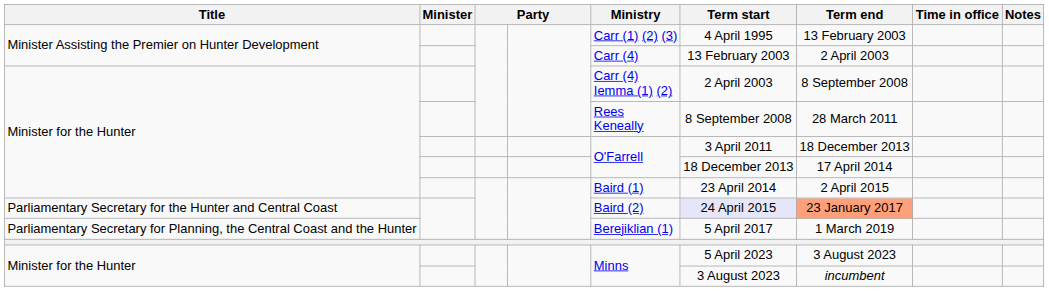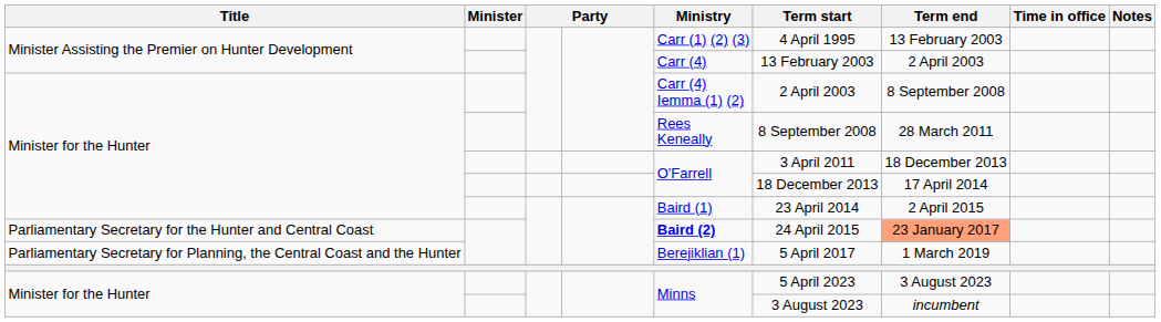 <table class="wikitable sortable">
 <tr>
 <th>Title</th>
 <th>Minister</th>
 <th colspan=2>Party</th>
 <th>Ministry</th>
 <th>Term start</th>
 <th>Term end</th>
 <th>Time in office</th>
 <th class="unsortable">Notes</th>
 </tr>
 <tr>
 <td rowspan=2>Minister Assisting the Premier on Hunter Development</td>
 <td></td>
 <td rowspan=4 > </td>
 <td rowspan=4 width=8%></td>
 <td><a href='#'>Carr (1)</a> <a href='#'>(2)</a> <a href='#'>(3)</a></td>
 <td align=center>4 April 1995</td>
 <td align=center>13 February 2003</td>
 <td align=right></td>
 <td></td>
 </tr>
 <tr>
 <td></td>
 <td><a href='#'>Carr (4)</a></td>
 <td align=center>13 February 2003</td>
 <td align=center>2 April 2003</td>
 <td align=right></td>
 <td></td>
 </tr>
 <tr>
 <td rowspan=5>Minister for the Hunter</td>
 <td></td>
 <td><a href='#'>Carr (4)</a><br><a href='#'>Iemma (1)</a> <a href='#'>(2)</a></td>
 <td align=center>2 April 2003</td>
 <td align=center>8 September 2008</td>
 <td align=right></td>
 <td></td>
 </tr>
 <tr>
 <td></td>
 <td><a href='#'>Rees</a><br><a href='#'>Keneally</a></td>
 <td align=center>8 September 2008</td>
 <td align=center>28 March 2011</td>
 <td align=right></td>
 <td></td>
 </tr>
 <tr>
 <td></td>
 <td> </td>
 <td></td>
 <td rowspan=2><a href='#'>O'Farrell</a></td>
 <td align=center>3 April 2011</td>
 <td align=center>18 December 2013</td>
 <td align=right></td>
 <td></td>
 </tr>
 <tr>
 <td></td>
 <td> </td>
 <td></td>
 <td align=center>18 December 2013</td>
 <td align=center>17 April 2014</td>
 <td align=right></td>
 <td></td>
 </tr>
 <tr>
 <td></td>
 <td rowspan=3 > </td>
 <td rowspan=3></td>
 <td><a href='#'>Baird (1)</a></td>
 <td align=center>23 April 2014</td>
 <td align=center>2 April 2015</td>
 <td align=right></td>
 <td></td>
 </tr>
 <tr>
 <td>Parliamentary Secretary for the Hunter and Central Coast</td>
 <td rowspan=2></td>
-<td><a href='#'>Baird (2)</a></td>
-<td align=center style="background: lavender;">24 April 2015</td>
+<td><strong><a href='#'>Baird (2)</a></strong></td>
+<td align=center>24 April 2015</td>
 <td align=center style="background: lightsalmon;">23 January 2017</td>
 <td align=right></td>
 <td></td>
 </tr>
 <tr>
 <td>Parliamentary Secretary for Planning, the Central Coast and the Hunter</td>
 <td><a href='#'>Berejiklian (1)</a></td>
 <td align=center>5 April 2017</td>
 <td align=center>1 March 2019</td>
 <td align=right></td>
 <td></td>
 </tr>
 <tr>
 <th colspan=9></th>
 </tr>
 <tr>
 <td rowspan=2>Minister for the Hunter</td>
 <td></td>
 <td rowspan=2 > </td>
 <td rowspan=2  width=8%></td>
 <td rowspan=2><a href='#'>Minns</a></td>
 <td align=center>5 April 2023</td>
 <td align=center>3 August 2023</td>
 <td align=right></td>
 <td></td>
 </tr>
 <tr>
 <td></td>
 <td align=center>3 August 2023</td>
 <td align=center><em>incumbent</em></td>
 <td align=right></td>
 <td></td>
 </tr>
 </table>
